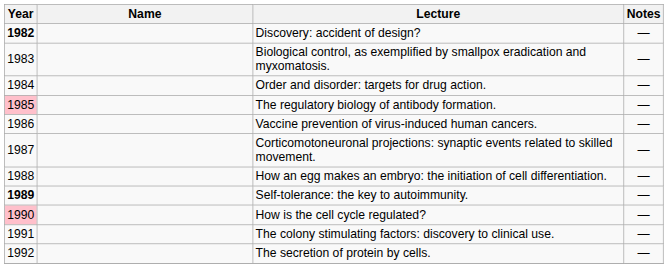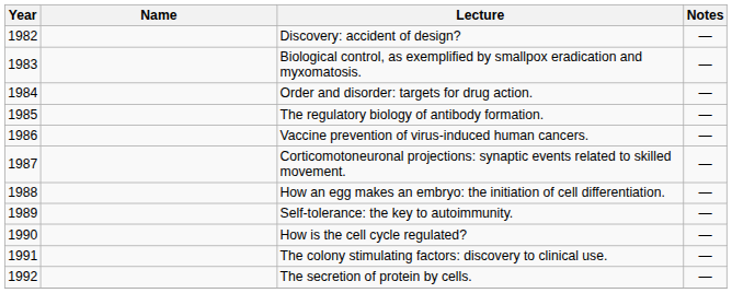 <table class="wikitable sortable" border="1" style="align:left;">
 <tr>
 <th width="4">Year</th>
 <th width="500">Name</th>
 <th width="800">Lecture</th>
 <th width="1" class="unsortable">Notes</th>
 </tr>
 <tr>
-<td><strong>1982</strong></td>
+<td>1982</td>
 <td></td>
 <td>Discovery: accident of design?</td>
 <td align=center>—</td>
 </tr>
 <tr>
 <td>1983</td>
 <td></td>
 <td>Biological control, as exemplified by smallpox eradication and myxomatosis.</td>
 <td align=center>—</td>
 </tr>
 <tr>
 <td>1984</td>
 <td></td>
 <td>Order and disorder: targets for drug action.</td>
 <td align=center>—</td>
 </tr>
 <tr>
-<td style="background: pink;">1985</td>
+<td>1985</td>
 <td></td>
 <td>The regulatory biology of antibody formation.</td>
 <td align=center>—</td>
 </tr>
 <tr>
 <td>1986</td>
 <td></td>
 <td>Vaccine prevention of virus-induced human cancers.</td>
 <td align=center>—</td>
 </tr>
 <tr>
 <td>1987</td>
 <td></td>
 <td>Corticomotoneuronal projections: synaptic events related to skilled movement.</td>
 <td align=center>—</td>
 </tr>
 <tr>
 <td>1988</td>
 <td></td>
 <td>How an egg makes an embryo: the initiation of cell differentiation.</td>
 <td align=center>—</td>
 </tr>
 <tr>
-<td><strong>1989</strong></td>
+<td>1989</td>
 <td data-sort-value="Basten, Antony"></td>
 <td>Self-tolerance: the key to autoimmunity.</td>
 <td align=center>—</td>
 </tr>
 <tr>
-<td style="background: pink;">1990</td>
+<td>1990</td>
 <td></td>
 <td>How is the cell cycle regulated?</td>
 <td align=center>—</td>
 </tr>
 <tr>
 <td>1991</td>
 <td></td>
 <td>The colony stimulating factors: discovery to clinical use.</td>
 <td align=center>—</td>
 </tr>
 <tr>
 <td>1992</td>
 <td></td>
 <td>The secretion of protein by cells.</td>
 <td align=center>—</td>
 </tr>
 <tr>
 </tr>
 </table>
